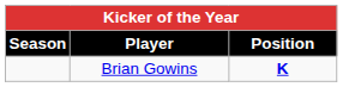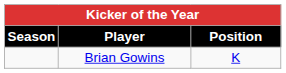 <table class="wikitable sortable" style="text-align:center">
 <tr>
 <td colspan="4" style="background:#d33; color:white;"><strong>Kicker of the Year</strong></td>
 </tr>
 <tr>
 <th style="width:50px; background:#000; color:white;">Season</th>
 <th style="width:150px; background:#000; color:white;">Player</th>
 <th style="width:100px; background:#000; color:white;">Position</th>
 </tr>
 <tr>
 <td></td>
 <td><a href='#'>Brian Gowins</a></td>
-<td><strong><a href='#'>K</a></strong></td>
+<td><a href='#'>K</a></td>
 </tr>
 </table>
